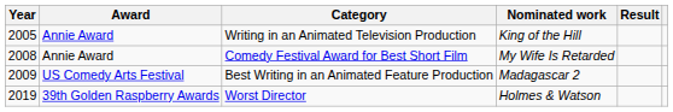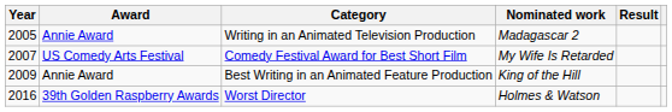 <table class="wikitable">
 <tr>
 <th>Year</th>
 <th>Award</th>
 <th>Category</th>
 <th>Nominated work</th>
 <th>Result</th>
 <th></th>
 </tr>
 <tr>
 <td>2005</td>
 <td><a href='#'>Annie Award</a></td>
 <td>Writing in an Animated Television Production</td>
-<td><em>King of the Hill</em></td>
+<td><em>Madagascar 2</em></td>
 <td></td>
 <td></td>
 </tr>
 <tr>
-<td>2008</td>
-<td>Annie Award</td>
+<td>2007</td>
+<td><a href='#'>US Comedy Arts Festival</a></td>
 <td><a href='#'>Comedy Festival Award for Best Short Film</a></td>
 <td><em>My Wife Is Retarded</em></td>
 <td></td>
 <td></td>
 </tr>
 <tr>
 <td>2009</td>
-<td><a href='#'>US Comedy Arts Festival</a></td>
+<td>Annie Award</td>
 <td>Best Writing in an Animated Feature Production</td>
-<td><em>Madagascar 2</em></td>
+<td><em>King of the Hill</em></td>
 <td></td>
 <td></td>
 </tr>
 <tr>
-<td>2019</td>
+<td>2016</td>
 <td><a href='#'>39th Golden Raspberry Awards</a></td>
 <td><a href='#'>Worst Director</a></td>
 <td><em>Holmes & Watson</em></td>
 <td></td>
 <td></td>
 </tr>
 </table>
